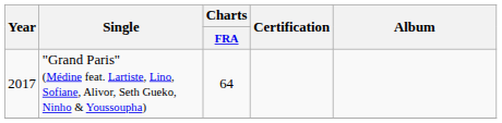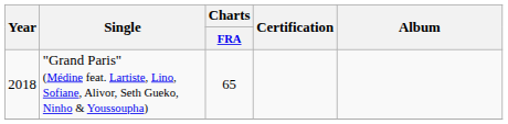 <table class="wikitable">
 <tr>
 <th align="center" rowspan="2" width="10">Year</th>
 <th align="center" rowspan="2" width="180">Single</th>
 <th align="center" colspan="1">Charts</th>
 <th align="center" rowspan="2" width="70">Certification</th>
 <th align="center" rowspan="2" width="180">Album</th>
 </tr>
 <tr>
 <th width="20"><small><a href='#'>FRA</a></small></th>
 </tr>
 <tr>
-<td align="center">2017</td>
+<td align="center">2018</td>
 <td>"Grand Paris"<br><small>(<a href='#'>Médine</a> feat. <a href='#'>Lartiste</a>, <a href='#'>Lino</a>, <a href='#'>Sofiane</a>, Alivor, Seth Gueko, <a href='#'>Ninho</a> & <a href='#'>Youssoupha</a>)</small></td>
-<td align="center">64<br></td>
+<td align="center">65<br></td>
 <td></td>
 <td align="center"></td>
 </tr>
 <tr>
 </tr>
 </table>
